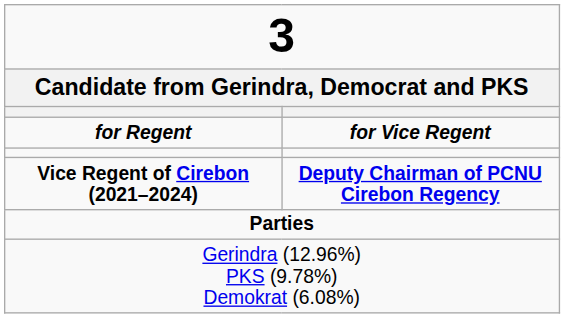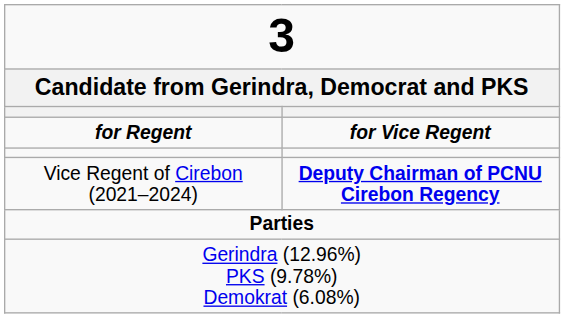 <table class="wikitable" style="font-size:90%; text-align:center;">
 <tr>
 <td colspan=2><big><big><big><big><big><strong>3</strong></big></big></big></big></big></td>
 </tr>
 <tr>
 <th colspan=2><big>Candidate from Gerindra, Democrat and PKS</big></th>
 </tr>
 <tr>
 <th style="width:3em; font-size:135%; background:#"></th>
 <th style="width:3em; font-size:135%; background:#"></th>
 </tr>
 <tr style="color:#000; font-size:100%; background:#">
 <td style="width:3em; width:200px;"><strong><em>for Regent</em></strong></td>
 <td style="width:3em; width:200px;"><strong><em>for Vice Regent</em></strong></td>
 </tr>
 <tr>
 <td></td>
 <td></td>
 </tr>
 <tr>
-<td><strong>Vice Regent of <a href='#'>Cirebon</a><br>(2021–2024)</strong></td>
+<td>Vice Regent of <a href='#'>Cirebon</a><br>(2021–2024)</td>
 <td><strong><a href='#'>Deputy Chairman of PCNU Cirebon Regency</a></strong></td>
 </tr>
 <tr>
 <td colspan=2><strong>Parties</strong></td>
 </tr>
 <tr>
 <td colspan=2> <a href='#'>Gerindra</a> (12.96%)<br><a href='#'>PKS</a> (9.78%)<br><a href='#'>Demokrat</a> (6.08%)</td>
 </tr>
 </table>
